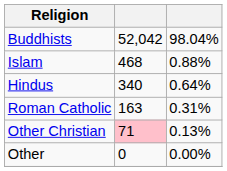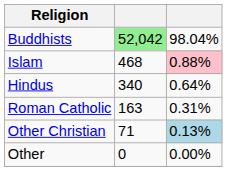 <table class="wikitable">
 <tr>
 <th>Religion</th>
 <th></th>
 <th></th>
 </tr>
 <tr>
 <td><a href='#'>Buddhists</a></td>
-<td>52,042</td>
+<td style="background: lightgreen;">52,042</td>
 <td>98.04%</td>
 </tr>
 <tr>
 <td><a href='#'>Islam</a></td>
 <td>468</td>
-<td>0.88%</td>
+<td style="background: pink;">0.88%</td>
 </tr>
 <tr>
 <td><a href='#'>Hindus</a></td>
 <td>340</td>
 <td>0.64%</td>
 </tr>
 <tr>
 <td><a href='#'>Roman Catholic</a></td>
 <td>163</td>
 <td>0.31%</td>
 </tr>
 <tr>
 <td><a href='#'>Other Christian</a></td>
-<td style="background: pink;">71</td>
-<td>0.13%</td>
+<td>71</td>
+<td style="background: lightblue;">0.13%</td>
 </tr>
 <tr>
 <td>Other</td>
 <td>0</td>
 <td>0.00%</td>
 </tr>
 <tr>
 </tr>
 </table>
